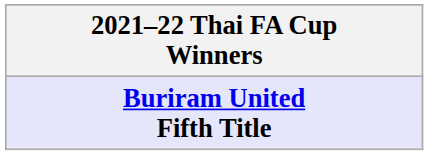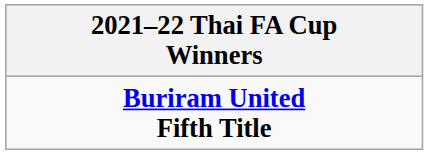 <table class="wikitable" style="text-align: center; margin: 0 auto; width: 20%">
 <tr>
 <th>2021–22 Thai FA Cup<br>Winners</th>
 </tr>
 <tr>
-<td align="center" style="background: lavender;"><strong><a href='#'>Buriram United</a></strong><br><strong>Fifth Title</strong></td>
+<td align="center"><strong><a href='#'>Buriram United</a></strong><br><strong>Fifth Title</strong></td>
 </tr>
 </table>
